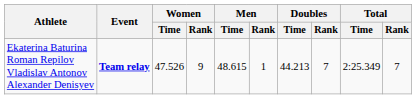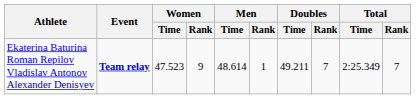 <table class="wikitable" style="font-size:90%">
 <tr>
 <th rowspan="2">Athlete</th>
 <th rowspan="2">Event</th>
 <th colspan=2>Women</th>
 <th colspan=2>Men</th>
 <th colspan=2>Doubles</th>
 <th colspan=2>Total</th>
 </tr>
 <tr style="font-size:95%">
 <th>Time</th>
 <th>Rank</th>
 <th>Time</th>
 <th>Rank</th>
 <th>Time</th>
 <th>Rank</th>
 <th>Time</th>
 <th>Rank</th>
 </tr>
 <tr align=center>
 <td align=left><a href='#'>Ekaterina Baturina</a><br><a href='#'>Roman Repilov</a><br><a href='#'>Vladislav Antonov</a><br><a href='#'>Alexander Denisyev</a></td>
 <td align=left><strong><a href='#'>Team relay</a></strong></td>
-<td>47.526</td>
+<td>47.523</td>
 <td>9</td>
-<td>48.615</td>
+<td>48.614</td>
 <td>1</td>
-<td>44.213</td>
+<td>49.211</td>
 <td>7</td>
 <td>2:25.349</td>
 <td>7</td>
 </tr>
 </table>
